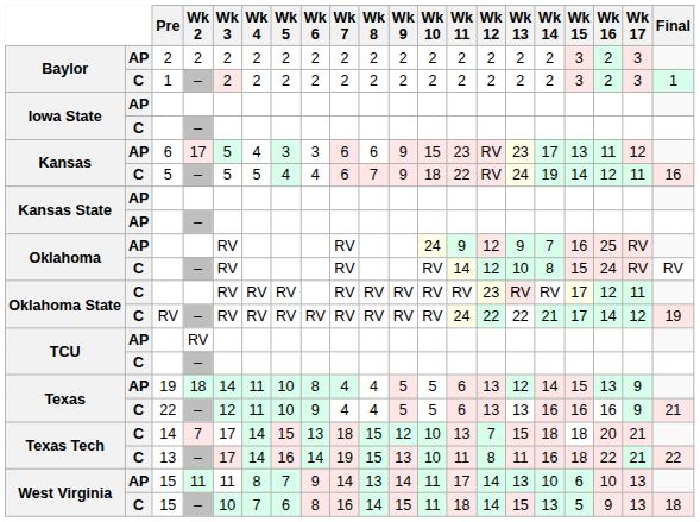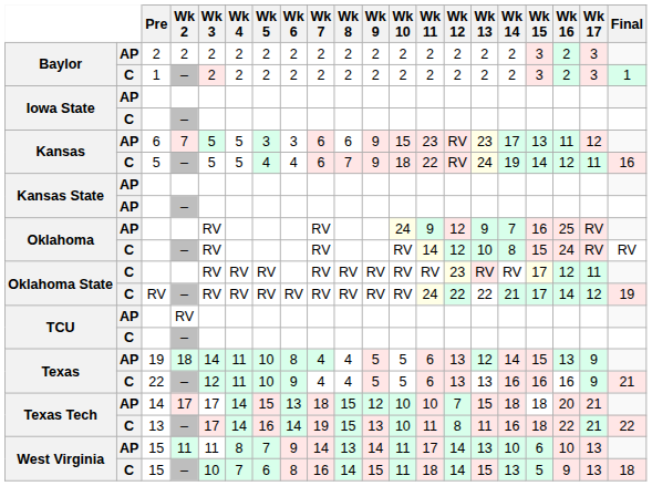 <table class="wikitable" style="white-space:nowrap;font-size:90%;">
 <tr>
 <th colspan=2 style="background:white; border-top-style:hidden; border-left-style:hidden;"> </th>
 <th>Pre</th>
 <th>Wk<br>2</th>
 <th>Wk<br>3</th>
 <th>Wk<br>4</th>
 <th>Wk<br>5</th>
 <th>Wk<br>6</th>
 <th>Wk<br>7</th>
 <th>Wk<br>8</th>
 <th>Wk<br>9</th>
 <th>Wk<br>10</th>
 <th>Wk<br>11</th>
 <th>Wk<br>12</th>
 <th>Wk<br>13</th>
 <th>Wk<br>14</th>
 <th>Wk<br>15</th>
 <th>Wk<br>16</th>
 <th>Wk<br>17</th>
 <th>Final</th>
 </tr>
 <tr style="text-align:center;">
 <th rowspan=2 style=>Baylor</th>
 <th>AP</th>
 <td style="background:#FFF;">2</td>
 <td style="background:#FFF;">2</td>
 <td style="background:#FFF;">2</td>
 <td style="background:#FFF;">2</td>
 <td style="background:#FFF;">2</td>
 <td style="background:#FFF;">2</td>
 <td style="background:#FFF;">2</td>
 <td style="background:#FFF;">2</td>
 <td style="background:#FFF;">2</td>
 <td style="background:#FFF;">2</td>
 <td style="background:#FFF;">2</td>
 <td style="background:#FFF;">2</td>
 <td style="background:#FFF;">2</td>
 <td style="background:#FFF;">2</td>
 <td style="background:#FFE6E6;">3</td>
 <td style="background:#D8FFEB;">2</td>
 <td style="background:#FFE6E6;">3</td>
 </tr>
 <tr style="text-align:center;">
 <th>C</th>
 <td style="background:#FFF;">1</td>
 <td style="background:#BEBEBE;">–</td>
 <td style="background:#FFE6E6;">2</td>
 <td style="background:#FFF;">2</td>
 <td style="background:#FFF;">2</td>
 <td style="background:#FFF;">2</td>
 <td style="background:#FFF;">2</td>
 <td style="background:#FFF;">2</td>
 <td style="background:#FFF;">2</td>
 <td style="background:#FFF;">2</td>
 <td style="background:#FFF;">2</td>
 <td style="background:#FFF;">2</td>
 <td style="background:#FFF;">2</td>
 <td style="background:#FFF;">2</td>
 <td style="background:#FFE6E6;">3</td>
 <td style="background:#D8FFEB;">2</td>
 <td style="background:#FFE6E6;">3</td>
 <td style="background:#D8FFEB;">1</td>
 </tr>
 <tr style="text-align:center;">
 <th rowspan=2 style=>Iowa State</th>
 <th>AP</th>
 <td style="background:#FFF;"></td>
 <td style="background:#FFF;"></td>
 <td style="background:#FFF;"></td>
 <td style="background:#FFF;"></td>
 <td style="background:#FFF;"></td>
 <td style="background:#FFF;"></td>
 <td style="background:#FFF;"></td>
 <td style="background:#FFF;"></td>
 <td style="background:#FFF;"></td>
 <td style="background:#FFF;"></td>
 <td style="background:#FFF;"></td>
 <td style="background:#FFF;"></td>
 <td style="background:#FFF;"></td>
 <td style="background:#FFF;"></td>
 <td style="background:#FFF;"></td>
 <td style="background:#FFF;"></td>
 <td style="background:#FFF;"></td>
 </tr>
 <tr style="text-align:center;">
 <th>C</th>
 <td style="background:#FFF;"></td>
 <td style="background:#BEBEBE;">–</td>
 <td style="background:#FFF;"></td>
 <td style="background:#FFF;"></td>
 <td style="background:#FFF;"></td>
 <td style="background:#FFF;"></td>
 <td style="background:#FFF;"></td>
 <td style="background:#FFF;"></td>
 <td style="background:#FFF;"></td>
 <td style="background:#FFF;"></td>
 <td style="background:#FFF;"></td>
 <td style="background:#FFF;"></td>
 <td style="background:#FFF;"></td>
 <td style="background:#FFF;"></td>
 <td style="background:#FFF;"></td>
 <td style="background:#FFF;"></td>
 <td style="background:#FFF;"></td>
 <td style="background:#FFF;"></td>
 </tr>
 <tr style="text-align:center;">
 <th rowspan=2 style=>Kansas</th>
 <th>AP</th>
 <td style="background:#FFF;">6</td>
-<td style="background:#FFE6E6;">17</td>
+<td style="background:#FFE6E6;">7</td>
 <td style="background:#D8FFEB;">5</td>
-<td style="background:#FFF;">4</td>
+<td style="background:#FFF;">5</td>
 <td style="background:#D8FFEB;">3</td>
 <td style="background:#FFF;">3</td>
 <td style="background:#FFE6E6;">6</td>
 <td style="background:#FFF;">6</td>
 <td style="background:#FFE6E6;">9</td>
 <td style="background:#FFE6E6;">15</td>
 <td style="background:#FFE6E6;">23</td>
 <td style="background:#FFE6E6;">RV</td>
 <td style="background:#FFFFE6;">23</td>
 <td style="background:#D8FFEB;">17</td>
 <td style="background:#D8FFEB;">13</td>
 <td style="background:#D8FFEB;">11</td>
 <td style="background:#FFE6E6;">12</td>
 </tr>
 <tr style="text-align:center;">
 <th>C</th>
 <td style="background:#FFF;">5</td>
 <td style="background:#BEBEBE;">–</td>
 <td style="background:#FFF;">5</td>
 <td style="background:#FFF;">5</td>
 <td style="background:#D8FFEB;">4</td>
 <td style="background:#FFF;">4</td>
 <td style="background:#FFE6E6;">6</td>
 <td style="background:#FFE6E6;">7</td>
 <td style="background:#FFE6E6;">9</td>
 <td style="background:#FFE6E6;">18</td>
 <td style="background:#FFE6E6;">22</td>
 <td style="background:#FFE6E6;">RV</td>
 <td style="background:#FFFFE6;">24</td>
 <td style="background:#D8FFEB;">19</td>
 <td style="background:#D8FFEB;">14</td>
 <td style="background:#D8FFEB;">12</td>
 <td style="background:#D8FFEB;">11</td>
 <td style="background:#FFE6E6;">16</td>
 </tr>
 <tr style="text-align:center;">
 <th rowspan=2 style=>Kansas State</th>
 <th>AP</th>
 <td style="background:#FFF;"></td>
 <td style="background:#FFF;"></td>
 <td style="background:#FFF;"></td>
 <td style="background:#FFF;"></td>
 <td style="background:#FFF;"></td>
 <td style="background:#FFF;"></td>
 <td style="background:#FFF;"></td>
 <td style="background:#FFF;"></td>
 <td style="background:#FFF;"></td>
 <td style="background:#FFF;"></td>
 <td style="background:#FFF;"></td>
 <td style="background:#FFF;"></td>
 <td style="background:#FFF;"></td>
 <td style="background:#FFF;"></td>
 <td style="background:#FFF;"></td>
 <td style="background:#FFF;"></td>
 <td style="background:#FFF;"></td>
 </tr>
 <tr style="text-align:center;">
 <th>AP</th>
 <td style="background:#FFF;"></td>
 <td style="background:#BEBEBE;">–</td>
 <td style="background:#FFF;"></td>
 <td style="background:#FFF;"></td>
 <td style="background:#FFF;"></td>
 <td style="background:#FFF;"></td>
 <td style="background:#FFF;"></td>
 <td style="background:#FFF;"></td>
 <td style="background:#FFF;"></td>
 <td style="background:#FFF;"></td>
 <td style="background:#FFF;"></td>
 <td style="background:#FFF;"></td>
 <td style="background:#FFF;"></td>
 <td style="background:#FFF;"></td>
 <td style="background:#FFF;"></td>
 <td style="background:#FFF;"></td>
 <td style="background:#FFF;"></td>
 <td style="background:#FFF;"></td>
 </tr>
 <tr style="text-align:center;">
 <th rowspan=2 style=>Oklahoma</th>
 <th>AP</th>
 <td style="background:#FFF;"></td>
 <td style="background:#FFF;"></td>
 <td style="background:#FFF;">RV</td>
 <td style="background:#FFF;"></td>
 <td style="background:#FFF;"></td>
 <td style="background:#FFF;"></td>
 <td style="background:#FFF;">RV</td>
 <td style="background:#FFF;"></td>
 <td style="background:#FFF;"></td>
 <td style="background:#FFFFE6;">24</td>
 <td style="background:#D8FFEB;">9</td>
 <td style="background:#FFE6E6;">12</td>
 <td style="background:#D8FFEB;">9</td>
 <td style="background:#D8FFEB;">7</td>
 <td style="background:#FFE6E6;">16</td>
 <td style="background:#FFE6E6;">25</td>
 <td style="background:#FFE6E6;">RV</td>
 </tr>
 <tr style="text-align:center;">
 <th>C</th>
 <td style="background:#FFF;"></td>
 <td style="background:#BEBEBE;">–</td>
 <td style="background:#FFF;">RV</td>
 <td style="background:#FFF;"></td>
 <td style="background:#FFF;"></td>
 <td style="background:#FFF;"></td>
 <td style="background:#FFF;">RV</td>
 <td style="background:#FFF;"></td>
 <td style="background:#FFF;"></td>
 <td style="background:#FFF;">RV</td>
 <td style="background:#FFFFE6;">14</td>
 <td style="background:#D8FFEB;">12</td>
 <td style="background:#D8FFEB;">10</td>
 <td style="background:#D8FFEB;">8</td>
 <td style="background:#FFE6E6;">15</td>
 <td style="background:#FFE6E6;">24</td>
 <td style="background:#FFE6E6;">RV</td>
 <td style="background:#FFF;">RV</td>
 </tr>
 <tr style="text-align:center;">
 <th rowspan=2 style=>Oklahoma State</th>
 <th>C</th>
 <td style="background:#FFF;"></td>
 <td style="background:#FFF;"></td>
 <td style="background:#FFF;">RV</td>
 <td style="background:#FFF;">RV</td>
 <td style="background:#FFF;">RV</td>
 <td style="background:#FFF;"></td>
 <td style="background:#FFF;">RV</td>
 <td style="background:#FFF;">RV</td>
 <td style="background:#FFF;">RV</td>
 <td style="background:#FFF;">RV</td>
 <td style="background:#FFF;">RV</td>
 <td style="background:#FFFFE6;">23</td>
 <td style="background:#FFE6E6;">RV</td>
 <td style="background:#FFF;">RV</td>
 <td style="background:#FFFFE6;">17</td>
 <td style="background:#D8FFEB;">12</td>
 <td style="background:#D8FFEB;">11</td>
 </tr>
 <tr style="text-align:center;">
 <th>C</th>
 <td style="background:#FFF;">RV</td>
 <td style="background:#BEBEBE;">–</td>
 <td style="background:#FFF;">RV</td>
 <td style="background:#FFF;">RV</td>
 <td style="background:#FFF;">RV</td>
 <td style="background:#FFF;">RV</td>
 <td style="background:#FFF;">RV</td>
 <td style="background:#FFF;">RV</td>
 <td style="background:#FFF;">RV</td>
 <td style="background:#FFF;">RV</td>
 <td style="background:#FFFFE6;">24</td>
 <td style="background:#D8FFEB;">22</td>
 <td style="background:#FFF;">22</td>
 <td style="background:#D8FFEB;">21</td>
 <td style="background:#D8FFEB;">17</td>
 <td style="background:#D8FFEB;">14</td>
 <td style="background:#D8FFEB;">12</td>
 <td style="background:#FFE6E6;">19</td>
 </tr>
 <tr style="text-align:center;">
 <th rowspan=2 style=>TCU</th>
 <th>AP</th>
 <td style="background:#FFF;"></td>
 <td style="background:#FFF;">RV</td>
 <td style="background:#FFF;"></td>
 <td style="background:#FFF;"></td>
 <td style="background:#FFF;"></td>
 <td style="background:#FFF;"></td>
 <td style="background:#FFF;"></td>
 <td style="background:#FFF;"></td>
 <td style="background:#FFF;"></td>
 <td style="background:#FFF;"></td>
 <td style="background:#FFF;"></td>
 <td style="background:#FFF;"></td>
 <td style="background:#FFF;"></td>
 <td style="background:#FFF;"></td>
 <td style="background:#FFF;"></td>
 <td style="background:#FFF;"></td>
 <td style="background:#FFF;"></td>
 </tr>
 <tr style="text-align:center;">
 <th>C</th>
 <td style="background:#FFF;"></td>
 <td style="background:#BEBEBE;">–</td>
 <td style="background:#FFF;"></td>
 <td style="background:#FFF;"></td>
 <td style="background:#FFF;"></td>
 <td style="background:#FFF;"></td>
 <td style="background:#FFF;"></td>
 <td style="background:#FFF;"></td>
 <td style="background:#FFF;"></td>
 <td style="background:#FFF;"></td>
 <td style="background:#FFF;"></td>
 <td style="background:#FFF;"></td>
 <td style="background:#FFF;"></td>
 <td style="background:#FFF;"></td>
 <td style="background:#FFF;"></td>
 <td style="background:#FFF;"></td>
 <td style="background:#FFF;"></td>
 <td style="background:#FFF;"></td>
 </tr>
 <tr style="text-align:center;">
 <th rowspan=2 style=>Texas</th>
 <th>AP</th>
 <td style="background:#FFF;">19</td>
 <td style="background:#D8FFEB;">18</td>
 <td style="background:#D8FFEB;">14</td>
 <td style="background:#D8FFEB;">11</td>
 <td style="background:#D8FFEB;">10</td>
 <td style="background:#D8FFEB;">8</td>
 <td style="background:#D8FFEB;">4</td>
 <td style="background:#FFF;">4</td>
 <td style="background:#FFE6E6;">5</td>
 <td style="background:#FFF;">5</td>
 <td style="background:#FFE6E6;">6</td>
 <td style="background:#FFE6E6;">13</td>
 <td style="background:#D8FFEB;">12</td>
 <td style="background:#FFE6E6;">14</td>
 <td style="background:#FFE6E6;">15</td>
 <td style="background:#D8FFEB;">13</td>
 <td style="background:#D8FFEB;">9</td>
 </tr>
 <tr style="text-align:center;">
 <th>C</th>
 <td style="background:#FFF;">22</td>
 <td style="background:#BEBEBE;">–</td>
 <td style="background:#D8FFEB;">12</td>
 <td style="background:#D8FFEB;">11</td>
 <td style="background:#D8FFEB;">10</td>
 <td style="background:#D8FFEB;">9</td>
 <td style="background:#FFF;">4</td>
 <td style="background:#FFF;">4</td>
 <td style="background:#FFE6E6;">5</td>
 <td style="background:#FFF;">5</td>
 <td style="background:#FFE6E6;">6</td>
 <td style="background:#FFE6E6;">13</td>
 <td style="background:#FFF;">13</td>
 <td style="background:#FFE6E6;">16</td>
 <td style="background:#FFE6E6;">16</td>
 <td style="background:#FFF;">16</td>
 <td style="background:#D8FFEB;">9</td>
 <td style="background:#FFE6E6;">21</td>
 </tr>
 <tr style="text-align:center;">
 <th rowspan=2 style=>Texas Tech</th>
-<th>C</th>
+<th>AP</th>
 <td style="background:#FFF;">14</td>
-<td style="background:#FFE6E6;">7</td>
+<td style="background:#FFE6E6;">17</td>
 <td style="background:#FFF;">17</td>
 <td style="background:#D8FFEB;">14</td>
 <td style="background:#FFE6E6;">15</td>
 <td style="background:#D8FFEB;">13</td>
 <td style="background:#FFE6E6;">18</td>
 <td style="background:#D8FFEB;">15</td>
 <td style="background:#D8FFEB;">12</td>
 <td style="background:#D8FFEB;">10</td>
-<td style="background:#FFE6E6;">13</td>
+<td style="background:#FFE6E6;">10</td>
 <td style="background:#D8FFEB;">7</td>
 <td style="background:#FFE6E6;">15</td>
 <td style="background:#FFE6E6;">18</td>
 <td style="background:#FFF;">18</td>
 <td style="background:#FFE6E6;">20</td>
 <td style="background:#FFE6E6;">21</td>
 </tr>
 <tr style="text-align:center;">
 <th>C</th>
 <td style="background:#FFF;">13</td>
 <td style="background:#BEBEBE;">–</td>
 <td style="background:#FFE6E6;">17</td>
 <td style="background:#D8FFEB;">14</td>
 <td style="background:#FFE6E6;">16</td>
 <td style="background:#D8FFEB;">14</td>
 <td style="background:#FFE6E6;">19</td>
 <td style="background:#D8FFEB;">15</td>
 <td style="background:#FFE6E6;">13</td>
 <td style="background:#D8FFEB;">10</td>
 <td style="background:#FFE6E6;">11</td>
 <td style="background:#D8FFEB;">8</td>
 <td style="background:#FFE6E6;">11</td>
 <td style="background:#FFE6E6;">16</td>
 <td style="background:#FFE6E6;">18</td>
 <td style="background:#FFE6E6;">22</td>
 <td style="background:#D8FFEB;">21</td>
 <td style="background:#FFE6E6;">22</td>
 </tr>
 <tr style="text-align:center;">
 <th rowspan=2 style=>West Virginia</th>
 <th>AP</th>
 <td style="background:#FFF;">15</td>
 <td style="background:#D8FFEB;">11</td>
 <td style="background:#FFF;">11</td>
 <td style="background:#D8FFEB;">8</td>
 <td style="background:#D8FFEB;">7</td>
 <td style="background:#FFE6E6;">9</td>
 <td style="background:#FFE6E6;">14</td>
 <td style="background:#D8FFEB;">13</td>
 <td style="background:#FFE6E6;">14</td>
 <td style="background:#D8FFEB;">11</td>
 <td style="background:#FFE6E6;">17</td>
 <td style="background:#D8FFEB;">14</td>
 <td style="background:#D8FFEB;">13</td>
 <td style="background:#D8FFEB;">10</td>
 <td style="background:#D8FFEB;">6</td>
 <td style="background:#FFE6E6;">10</td>
 <td style="background:#FFE6E6;">13</td>
 </tr>
 <tr style="text-align:center;">
 <th>C</th>
 <td style="background:#FFF;">15</td>
 <td style="background:#BEBEBE;">–</td>
 <td style="background:#D8FFEB;">10</td>
 <td style="background:#D8FFEB;">7</td>
 <td style="background:#D8FFEB;">6</td>
 <td style="background:#FFE6E6;">8</td>
 <td style="background:#FFE6E6;">16</td>
 <td style="background:#D8FFEB;">14</td>
 <td style="background:#FFE6E6;">15</td>
 <td style="background:#D8FFEB;">11</td>
 <td style="background:#FFE6E6;">18</td>
 <td style="background:#D8FFEB;">14</td>
 <td style="background:#FFE6E6;">15</td>
 <td style="background:#D8FFEB;">13</td>
 <td style="background:#D8FFEB;">5</td>
 <td style="background:#FFE6E6;">9</td>
 <td style="background:#FFE6E6;">13</td>
 <td style="background:#FFE6E6;">18</td>
 </tr>
 </table>
